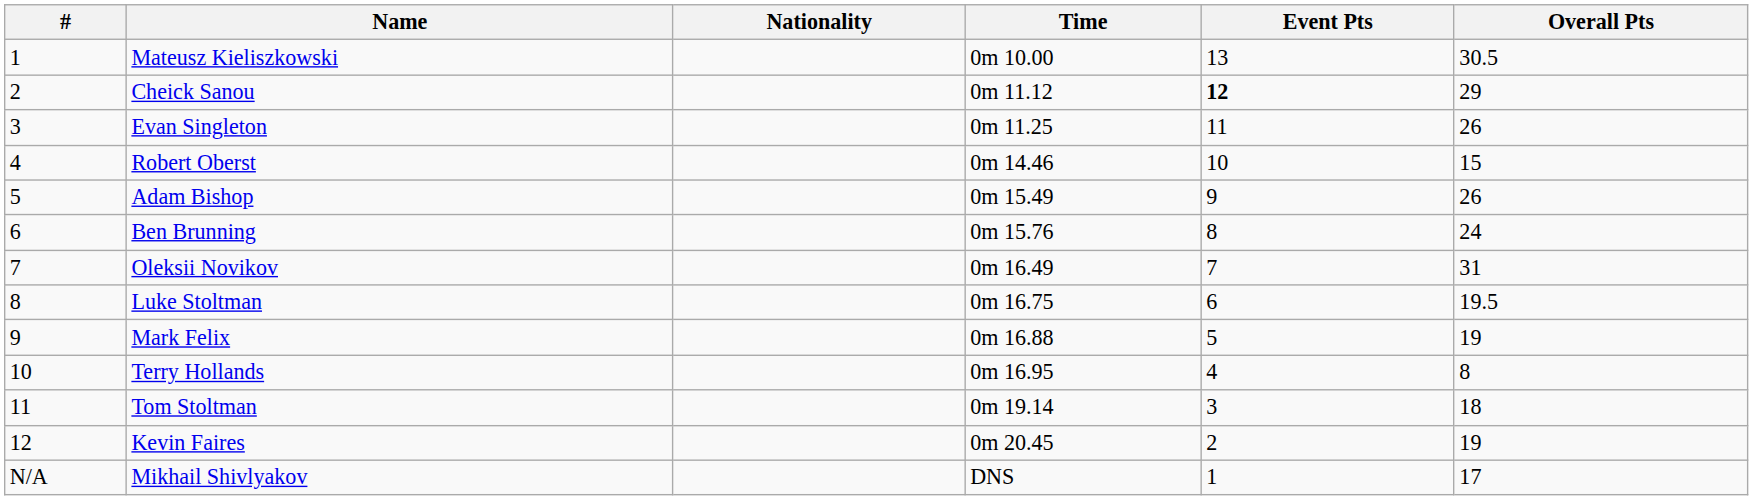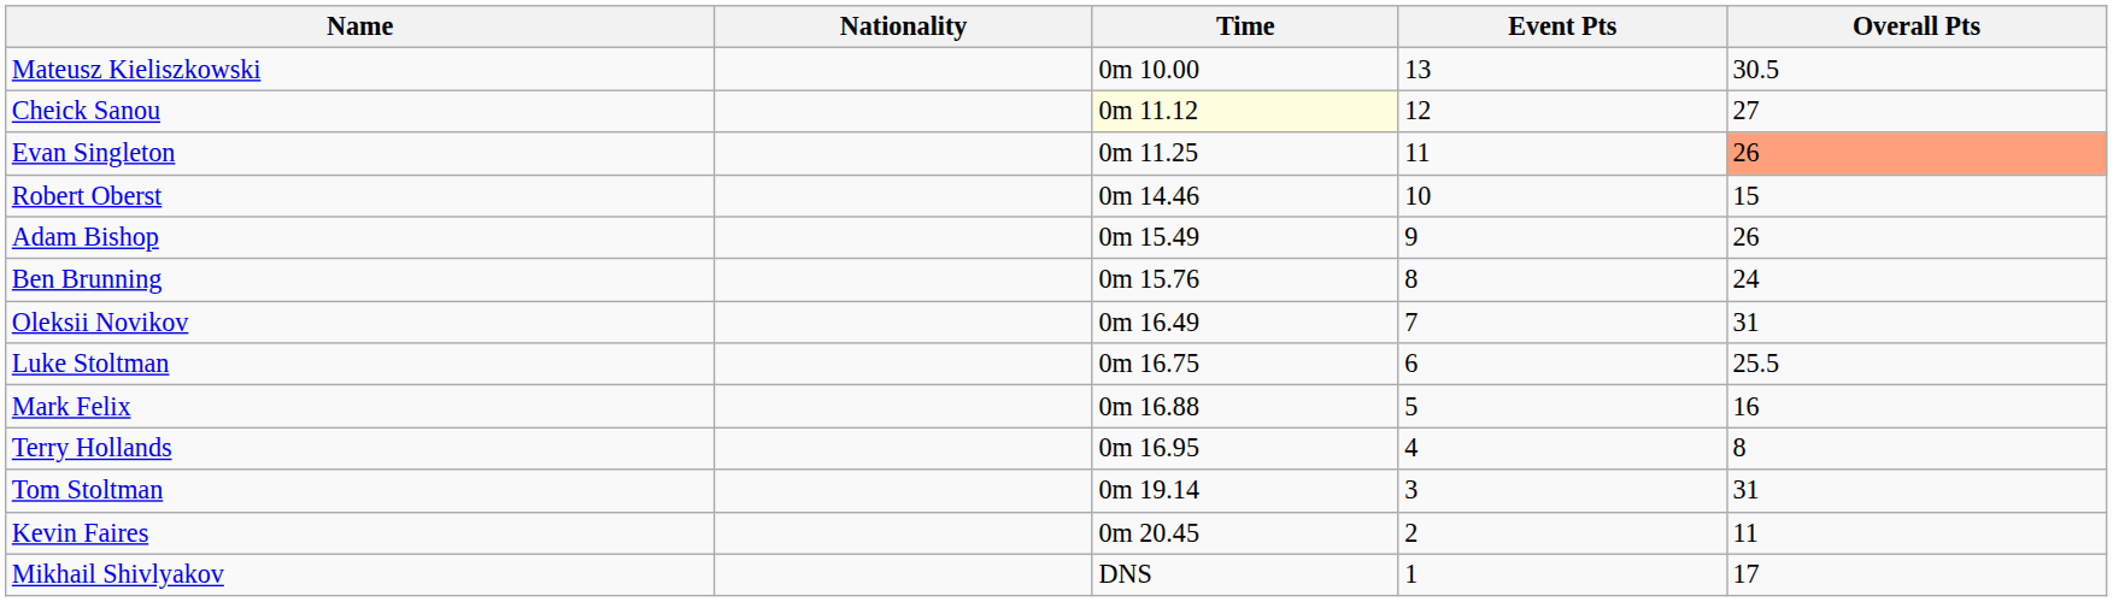 <table class="wikitable sortable" style="display: inline-table;width: 100%;">
 <tr>
-<th>#</th>
 <th>Name</th>
 <th>Nationality</th>
 <th>Time</th>
 <th>Event Pts</th>
 <th>Overall Pts</th>
 </tr>
 <tr>
-<td>1</td>
 <td><a href='#'>Mateusz Kieliszkowski</a></td>
 <td></td>
 <td>0m 10.00 </td>
 <td>13</td>
 <td>30.5</td>
 </tr>
 <tr>
-<td>2</td>
 <td><a href='#'>Cheick Sanou</a></td>
 <td></td>
-<td>0m 11.12</td>
-<td><strong>12</strong></td>
-<td>29</td>
+<td style="background: lightyellow;">0m 11.12</td>
+<td>12</td>
+<td>27</td>
 </tr>
 <tr>
-<td>3</td>
 <td><a href='#'>Evan Singleton</a></td>
 <td></td>
 <td>0m 11.25</td>
 <td>11</td>
-<td>26</td>
+<td style="background: lightsalmon;">26</td>
 </tr>
 <tr>
-<td>4</td>
 <td><a href='#'>Robert Oberst</a></td>
 <td></td>
 <td>0m 14.46</td>
 <td>10</td>
 <td>15</td>
 </tr>
 <tr>
-<td>5</td>
 <td><a href='#'>Adam Bishop</a></td>
 <td></td>
 <td>0m 15.49</td>
 <td>9</td>
 <td>26</td>
 </tr>
 <tr>
-<td>6</td>
 <td><a href='#'>Ben Brunning</a></td>
 <td></td>
 <td>0m 15.76</td>
 <td>8</td>
 <td>24</td>
 </tr>
 <tr>
-<td>7</td>
 <td><a href='#'>Oleksii Novikov</a></td>
 <td></td>
 <td>0m 16.49</td>
 <td>7</td>
 <td>31</td>
 </tr>
 <tr>
-<td>8</td>
 <td><a href='#'>Luke Stoltman</a></td>
 <td></td>
 <td>0m 16.75</td>
 <td>6</td>
-<td>19.5</td>
+<td>25.5</td>
 </tr>
 <tr>
-<td>9</td>
 <td><a href='#'>Mark Felix</a></td>
 <td></td>
 <td>0m 16.88</td>
 <td>5</td>
-<td>19</td>
+<td>16</td>
 </tr>
 <tr>
-<td>10</td>
 <td><a href='#'>Terry Hollands</a></td>
 <td></td>
 <td>0m 16.95</td>
 <td>4</td>
 <td>8</td>
 </tr>
 <tr>
-<td>11</td>
 <td><a href='#'>Tom Stoltman</a></td>
 <td></td>
 <td>0m 19.14</td>
 <td>3</td>
-<td>18</td>
+<td>31</td>
 </tr>
 <tr>
-<td>12</td>
 <td><a href='#'>Kevin Faires</a></td>
 <td></td>
 <td>0m 20.45</td>
 <td>2</td>
-<td>19</td>
+<td>11</td>
 </tr>
 <tr>
-<td>N/A</td>
 <td><a href='#'>Mikhail Shivlyakov</a></td>
 <td></td>
 <td>DNS</td>
 <td>1</td>
 <td>17</td>
 </tr>
 </table>
